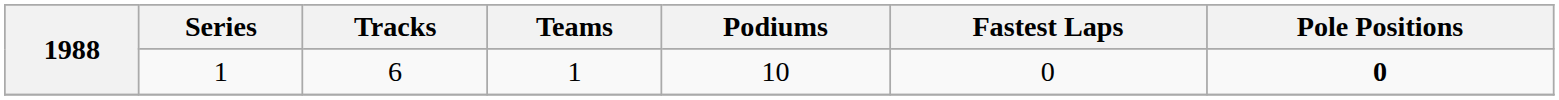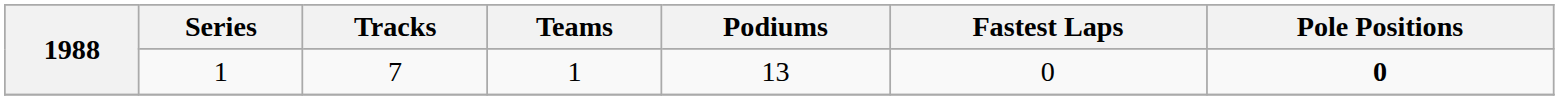 <table class="wikitable" width="881px">
 <tr>
 <th scope="col" rowspan="2">1988</th>
 <th scope="col">Series</th>
 <th scope="col">Tracks</th>
 <th scope="col">Teams</th>
 <th scope="col">Podiums</th>
 <th scope="col">Fastest Laps</th>
 <th scope="col">Pole Positions</th>
 </tr>
 <tr>
 <td style="text-align:center">1</td>
-<td style="text-align:center">6</td>
+<td style="text-align:center">7</td>
 <td style="text-align:center">1</td>
-<td style="text-align:center">10</td>
+<td style="text-align:center">13</td>
 <td style="text-align:center">0</td>
 <td style="text-align:center"><strong>0</strong></td>
 </tr>
 <tr>
 </tr>
 </table>
